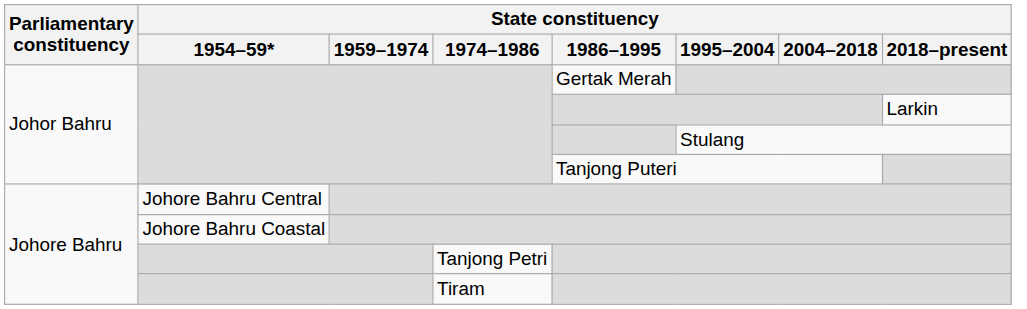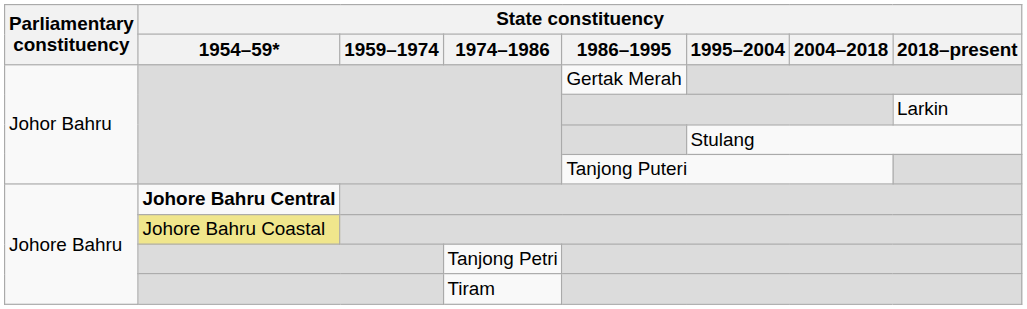 <table class="wikitable">
 <tr>
 <th rowspan="2">Parliamentary<br>constituency</th>
 <th colspan="7">State constituency</th>
 </tr>
 <tr>
 <th>1954–59*</th>
 <th>1959–1974</th>
 <th>1974–1986</th>
 <th>1986–1995</th>
 <th>1995–2004</th>
 <th>2004–2018</th>
 <th>2018–present</th>
 </tr>
 <tr>
 <td rowspan="4">Johor Bahru</td>
 <td colspan="3" rowspan="4" bgcolor="dcdcdc"></td>
 <td>Gertak Merah</td>
 <td colspan="3" bgcolor="dcdcdc"></td>
 </tr>
 <tr>
 <td colspan="3" bgcolor="dcdcdc"></td>
 <td>Larkin</td>
 </tr>
 <tr>
 <td bgcolor="dcdcdc"></td>
 <td colspan="3">Stulang</td>
 </tr>
 <tr>
 <td colspan="3">Tanjong Puteri</td>
 <td bgcolor="dcdcdc"></td>
 </tr>
 <tr>
 <td rowspan="4">Johore Bahru</td>
-<td>Johore Bahru Central</td>
+<td><strong>Johore Bahru Central</strong></td>
 <td colspan="6" bgcolor="dcdcdc"></td>
 </tr>
 <tr>
-<td>Johore Bahru Coastal</td>
+<td style="background: khaki;">Johore Bahru Coastal</td>
 <td colspan="6" bgcolor="dcdcdc"></td>
 </tr>
 <tr>
 <td colspan="2" bgcolor="dcdcdc"></td>
 <td>Tanjong Petri</td>
 <td colspan="4" bgcolor="dcdcdc"></td>
 </tr>
 <tr>
 <td colspan="2" bgcolor="dcdcdc"></td>
 <td>Tiram</td>
 <td colspan="4" bgcolor="dcdcdc"></td>
 </tr>
 </table>
